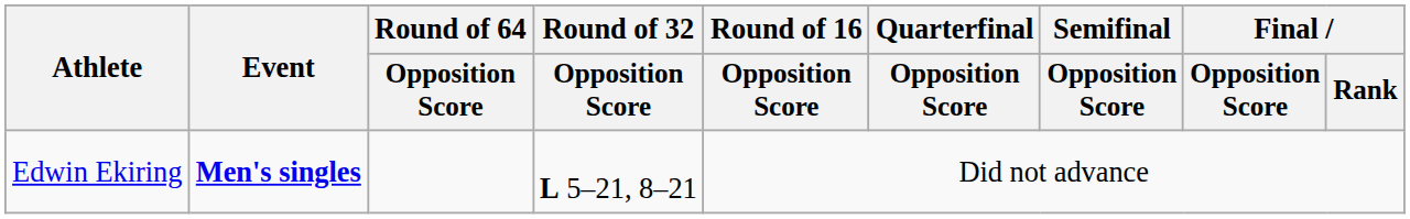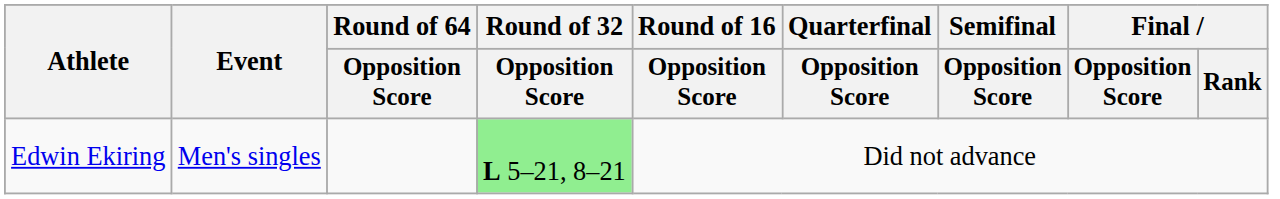 <table class=wikitable style="font-size:90%">
 <tr>
 <th rowspan="2">Athlete</th>
 <th rowspan="2">Event</th>
 <th>Round of 64</th>
 <th>Round of 32</th>
 <th>Round of 16</th>
 <th>Quarterfinal</th>
 <th>Semifinal</th>
 <th colspan=2>Final / </th>
 </tr>
 <tr style="font-size:95%">
 <th>Opposition<br>Score</th>
 <th>Opposition<br>Score</th>
 <th>Opposition<br>Score</th>
 <th>Opposition<br>Score</th>
 <th>Opposition<br>Score</th>
 <th>Opposition<br>Score</th>
 <th>Rank</th>
 </tr>
 <tr align=center>
 <td align=left><a href='#'>Edwin Ekiring</a></td>
-<td align=left><strong><a href='#'>Men's singles</a></strong></td>
+<td align=left><a href='#'>Men's singles</a></td>
 <td></td>
-<td align=center><br><strong>L</strong> 5–21, 8–21</td>
+<td align=center style="background: lightgreen;"><br><strong>L</strong> 5–21, 8–21</td>
 <td colspan=6>Did not advance</td>
 </tr>
 </table>
